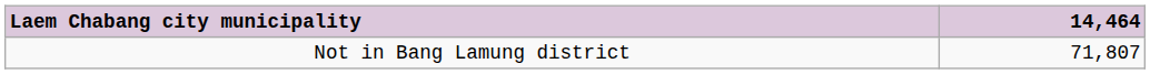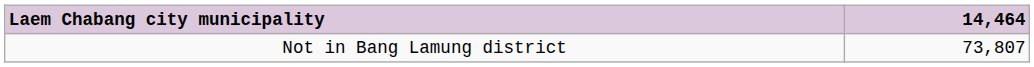 <table class="wikitable" style="width:48%; display:inline-table;">
 <tr>
 <td style= "background: #dcc8dc;"><strong>Laem Chabang city municipality</strong></td>
 <td style= "background: #dcc8dc; text-align:right;"><strong>14,464</strong></td>
 </tr>
 <tr>
 <td style="text-align:center;">Not in Bang Lamung district</td>
-<td style="text-align:center; text-align:right;">71,807</td>
+<td style="text-align:center; text-align:right;">73,807</td>
 </tr>
 </table>
